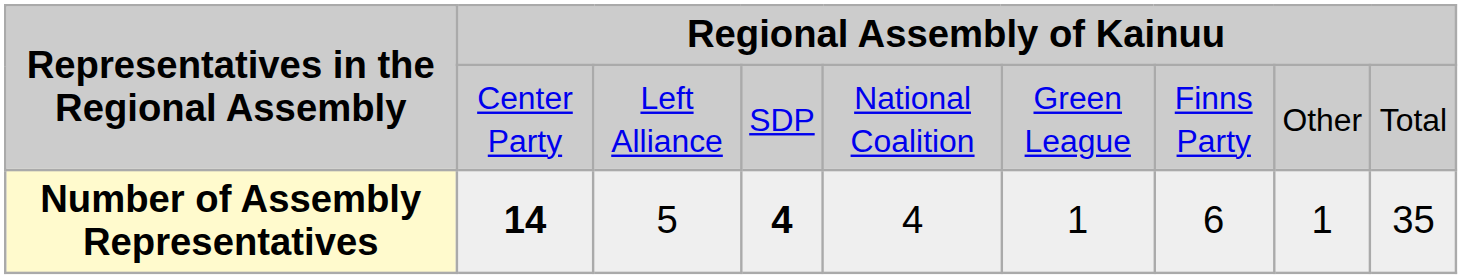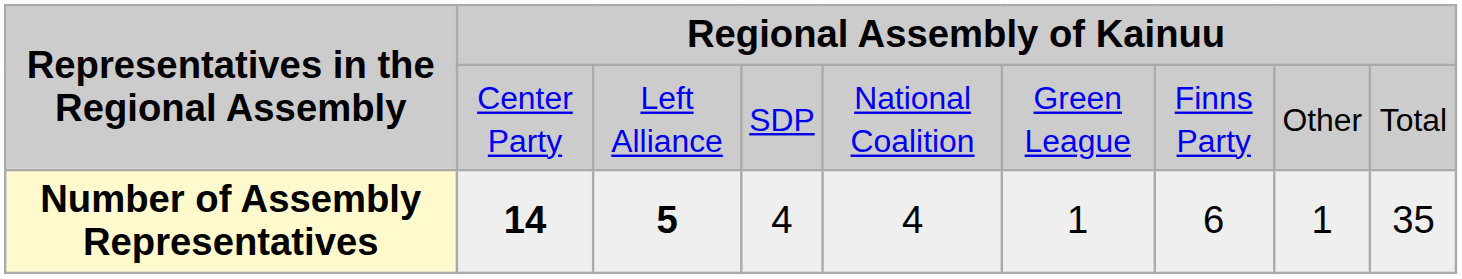 <table class="wikitable">
 <tr>
 <td style=background:#cccccc align=center rowspan=2><strong>Representatives in the Regional Assembly</strong></td>
 <td style=background:#cccccc align=center colspan=10><strong>Regional Assembly of Kainuu</strong></td>
 </tr>
 <tr style=background:#cccccc align=center>
 <td><small><a href='#'>Center Party</a></small></td>
 <td><small><a href='#'>Left Alliance</a></small></td>
 <td><small><a href='#'>SDP</a></small></td>
 <td><small><a href='#'>National Coalition</a></small></td>
 <td><small><a href='#'>Green League</a></small></td>
 <td><small><a href='#'>Finns Party</a></small></td>
 <td><small>Other</small></td>
 <td><small>Total</small></td>
 </tr>
 <tr style=background:#efefef align=center>
 <td style="background:#fffacd;"><strong>Number of Assembly Representatives</strong></td>
 <td><strong>14</strong></td>
-<td>5</td>
-<td><strong>4</strong></td>
+<td><strong>5</strong></td>
+<td>4</td>
 <td>4</td>
 <td>1</td>
 <td>6</td>
 <td>1</td>
 <td>35</td>
 </tr>
 </table>
